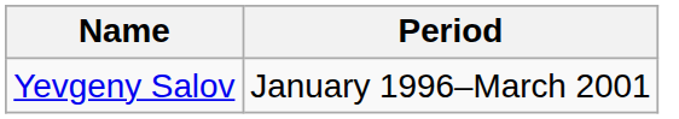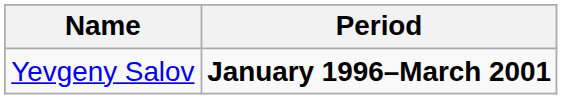 <table class="wikitable">
 <tr>
 <th>Name</th>
 <th>Period</th>
 </tr>
 <tr>
 <td><a href='#'>Yevgeny Salov</a></td>
-<td>January 1996–March 2001</td>
+<td><strong>January 1996–March 2001</strong></td>
 </tr>
 </table>
